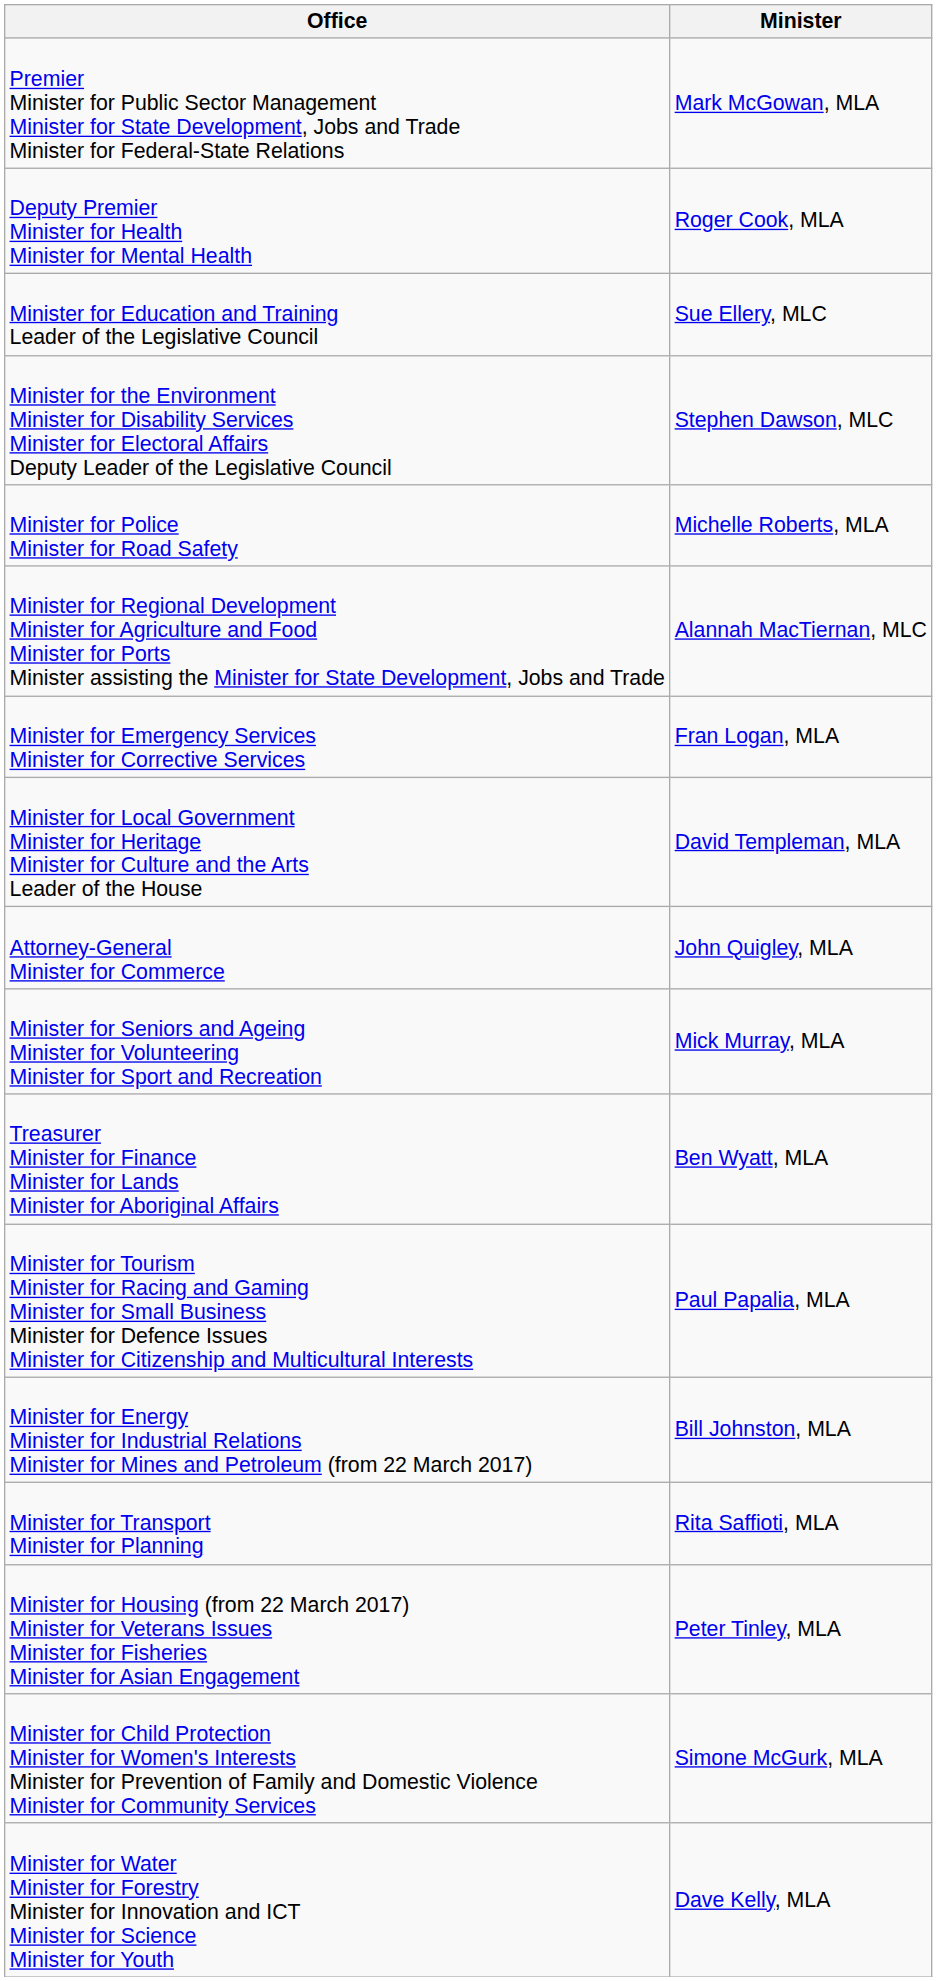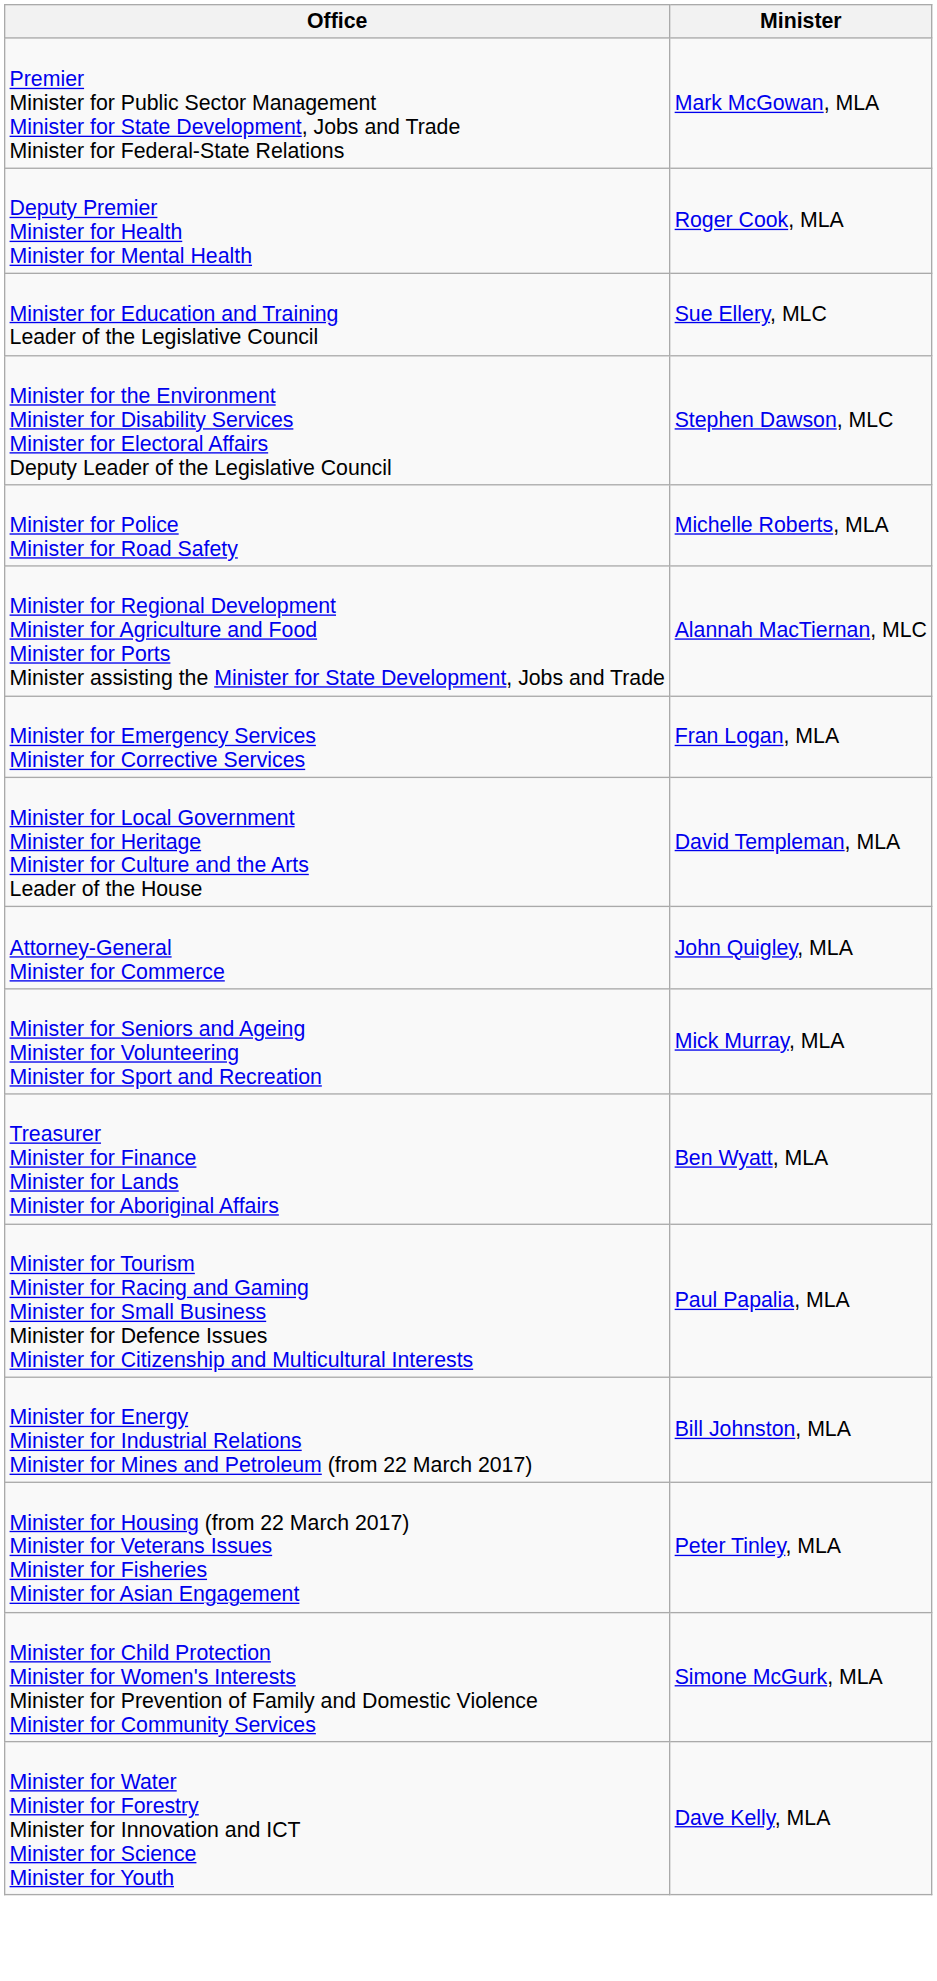 <table class="wikitable sortable">
 <tr>
 <th>Office</th>
 <th>Minister</th>
 </tr>
 <tr>
 <td><br><a href='#'>Premier</a><br> Minister for Public Sector Management<br> <a href='#'>Minister for State Development</a>, Jobs and Trade<br> Minister for Federal-State Relations</td>
 <td><a href='#'>Mark McGowan</a>, MLA</td>
 </tr>
 <tr>
 <td><br><a href='#'>Deputy Premier</a><br> <a href='#'>Minister for Health</a><br> <a href='#'>Minister for Mental Health</a></td>
 <td><a href='#'>Roger Cook</a>, MLA</td>
 </tr>
 <tr>
 <td><br><a href='#'>Minister for Education and Training</a><br> Leader of the Legislative Council</td>
 <td><a href='#'>Sue Ellery</a>, MLC</td>
 </tr>
 <tr>
 <td><br><a href='#'>Minister for the Environment</a><br> <a href='#'>Minister for Disability Services</a><br><a href='#'>Minister for Electoral Affairs</a><br> Deputy Leader of the Legislative Council</td>
 <td><a href='#'>Stephen Dawson</a>, MLC</td>
 </tr>
 <tr>
 <td><br><a href='#'>Minister for Police</a><br> <a href='#'>Minister for Road Safety</a></td>
 <td><a href='#'>Michelle Roberts</a>, MLA</td>
 </tr>
 <tr>
 <td><br><a href='#'>Minister for Regional Development</a><br> <a href='#'>Minister for Agriculture and Food</a><br><a href='#'>Minister for Ports</a><br> Minister assisting the <a href='#'>Minister for State Development</a>, Jobs and Trade</td>
 <td><a href='#'>Alannah MacTiernan</a>, MLC</td>
 </tr>
 <tr>
 <td><br><a href='#'>Minister for Emergency Services</a><br> <a href='#'>Minister for Corrective Services</a></td>
 <td><a href='#'>Fran Logan</a>, MLA</td>
 </tr>
 <tr>
 <td><br><a href='#'>Minister for Local Government</a><br> <a href='#'>Minister for Heritage</a><br> <a href='#'>Minister for Culture and the Arts</a><br> Leader of the House</td>
 <td><a href='#'>David Templeman</a>, MLA</td>
 </tr>
 <tr>
 <td><br><a href='#'>Attorney-General</a><br><a href='#'>Minister for Commerce</a></td>
 <td><a href='#'>John Quigley</a>, MLA</td>
 </tr>
 <tr>
 <td><br><a href='#'>Minister for Seniors and Ageing</a><br> <a href='#'>Minister for Volunteering</a><br> <a href='#'>Minister for Sport and Recreation</a></td>
 <td><a href='#'>Mick Murray</a>, MLA</td>
 </tr>
 <tr>
 <td><br><a href='#'>Treasurer</a><br> <a href='#'>Minister for Finance</a><br> <a href='#'>Minister for Lands</a><br> <a href='#'>Minister for Aboriginal Affairs</a></td>
 <td><a href='#'>Ben Wyatt</a>, MLA</td>
 </tr>
 <tr>
 <td><br><a href='#'>Minister for Tourism</a><br> <a href='#'>Minister for Racing and Gaming</a><br> <a href='#'>Minister for Small Business</a><br> Minister for Defence Issues<br> <a href='#'>Minister for Citizenship and Multicultural Interests</a></td>
 <td><a href='#'>Paul Papalia</a>, MLA</td>
 </tr>
 <tr>
 <td><br><a href='#'>Minister for Energy</a><br> <a href='#'>Minister for Industrial Relations</a><br> <a href='#'>Minister for Mines and Petroleum</a> (from 22 March 2017)</td>
 <td><a href='#'>Bill Johnston</a>, MLA</td>
 </tr>
 <tr>
-<td><br><a href='#'>Minister for Transport</a><br> <a href='#'>Minister for Planning</a></td>
-<td><a href='#'>Rita Saffioti</a>, MLA</td>
-</tr>
-<tr>
 <td><br><a href='#'>Minister for Housing</a> (from 22 March 2017)<br> <a href='#'>Minister for Veterans Issues</a> <br> <a href='#'>Minister for Fisheries</a><br><a href='#'>Minister for Asian Engagement</a></td>
 <td><a href='#'>Peter Tinley</a>, MLA</td>
 </tr>
 <tr>
 <td><br><a href='#'>Minister for Child Protection</a><br> <a href='#'>Minister for Women's Interests</a><br> Minister for Prevention of Family and Domestic Violence<br> <a href='#'>Minister for Community Services</a></td>
 <td><a href='#'>Simone McGurk</a>, MLA</td>
 </tr>
 <tr>
 <td><br><a href='#'>Minister for Water</a><br> <a href='#'>Minister for Forestry</a><br> Minister for Innovation and ICT<br> <a href='#'>Minister for Science</a><br><a href='#'>Minister for Youth</a></td>
 <td><a href='#'>Dave Kelly</a>, MLA</td>
 </tr>
 </table>
